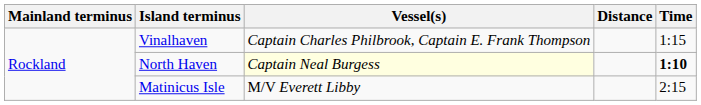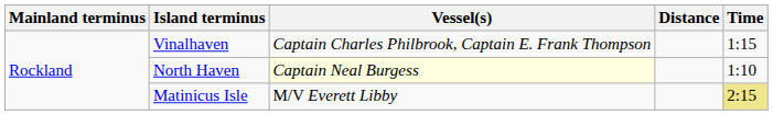 <table class="wikitable sortable">
 <tr>
 <th scope="col">Mainland terminus</th>
 <th scope="col">Island terminus</th>
 <th scope="col">Vessel(s)</th>
 <th scope="col">Distance</th>
 <th scope="col">Time</th>
 </tr>
 <tr>
 <td rowspan=3><a href='#'>Rockland</a></td>
 <td><a href='#'>Vinalhaven</a></td>
 <td><em>Captain Charles Philbrook</em>, <em>Captain E. Frank Thompson</em></td>
 <td></td>
 <td>1:15</td>
 </tr>
 <tr>
 <td><a href='#'>North Haven</a></td>
 <td style="background: lightyellow;"><em>Captain Neal Burgess</em></td>
 <td></td>
-<td><strong>1:10</strong></td>
+<td>1:10</td>
 </tr>
 <tr>
 <td><a href='#'>Matinicus Isle</a></td>
 <td>M/V <em>Everett Libby</em></td>
 <td></td>
-<td>2:15</td>
+<td style="background: khaki;">2:15</td>
 </tr>
 </table>
